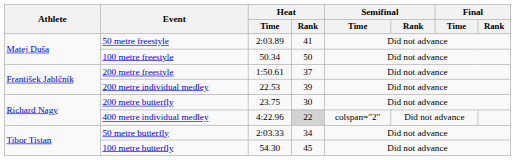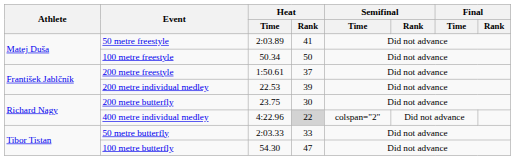 <table class="wikitable" style="text-align:center; font-size:90%; width:50%;">
 <tr>
 <th rowspan="2">Athlete</th>
 <th rowspan="2">Event</th>
 <th colspan="2">Heat</th>
 <th colspan="2">Semifinal</th>
 <th colspan="2">Final</th>
 </tr>
 <tr style="font-size:95%">
 <th>Time</th>
 <th>Rank</th>
 <th>Time</th>
 <th>Rank</th>
 <th>Time</th>
 <th>Rank</th>
 </tr>
 <tr>
 <td align=left rowspan=2><a href='#'>Matej Duša</a></td>
 <td align=left><a href='#'>50 metre freestyle</a></td>
 <td>2:03.89</td>
 <td>41</td>
 <td colspan=4>Did not advance</td>
 </tr>
 <tr>
 <td align=left><a href='#'>100 metre freestyle</a></td>
 <td>50.34</td>
 <td>50</td>
 <td colspan=4>Did not advance</td>
 </tr>
 <tr align=center>
 <td align=left rowspan="2"><a href='#'>František Jablčník</a></td>
 <td align=left><a href='#'>200 metre freestyle</a></td>
 <td>1:50.61</td>
 <td>37</td>
 <td colspan=4>Did not advance</td>
 </tr>
 <tr align=center>
 <td align=left><a href='#'>200 metre individual medley</a></td>
 <td>22.53</td>
 <td>39</td>
 <td colspan=4>Did not advance</td>
 </tr>
 <tr align=center>
 <td align=left rowspan="2"><a href='#'>Richard Nagy</a></td>
 <td align=left><a href='#'>200 metre butterfly</a></td>
 <td>23.75</td>
 <td>30</td>
 <td colspan=4>Did not advance</td>
 </tr>
 <tr align=center>
 <td align=left><a href='#'>400 metre individual medley</a></td>
 <td>4:22.96</td>
 <td style="background: lightgrey;">22</td>
 <td>colspan="2" </td>
 <td colspan="2">Did not advance</td>
 </tr>
 <tr align=center>
 <td align=left rowspan="2"><a href='#'>Tibor Tistan</a></td>
 <td align=left><a href='#'>50 metre butterfly</a></td>
 <td>2:03.33</td>
-<td>34</td>
+<td>33</td>
 <td colspan=4>Did not advance</td>
 </tr>
 <tr align=center>
 <td align=left><a href='#'>100 metre butterfly</a></td>
 <td>54.30</td>
-<td>45</td>
+<td>47</td>
 <td colspan=4>Did not advance</td>
 </tr>
 </table>
